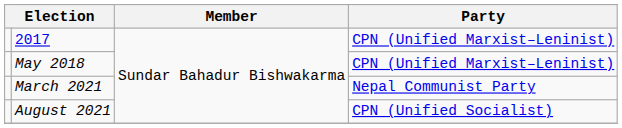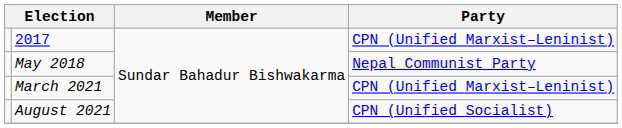 <table class="wikitable">
 <tr>
 <th colspan="2">Election</th>
 <th>Member</th>
 <th>Party</th>
 </tr>
 <tr>
 <td style="background-color:"></td>
 <td><a href='#'>2017</a></td>
 <td rowspan="4">Sundar Bahadur Bishwakarma</td>
 <td><a href='#'>CPN (Unified Marxist–Leninist)</a></td>
 </tr>
 <tr>
 <td style="background-color:"></td>
 <td><em>May 2018</em></td>
-<td><a href='#'>CPN (Unified Marxist–Leninist)</a></td>
+<td><a href='#'>Nepal Communist Party</a></td>
 </tr>
 <tr>
 <td style="background-color:"></td>
 <td><em>March 2021</em></td>
-<td><a href='#'>Nepal Communist Party</a></td>
+<td><a href='#'>CPN (Unified Marxist–Leninist)</a></td>
 </tr>
 <tr>
 <td style="background-color:"></td>
 <td><em>August 2021</em></td>
 <td><a href='#'>CPN (Unified Socialist)</a></td>
 </tr>
 <tr>
 </tr>
 </table>
